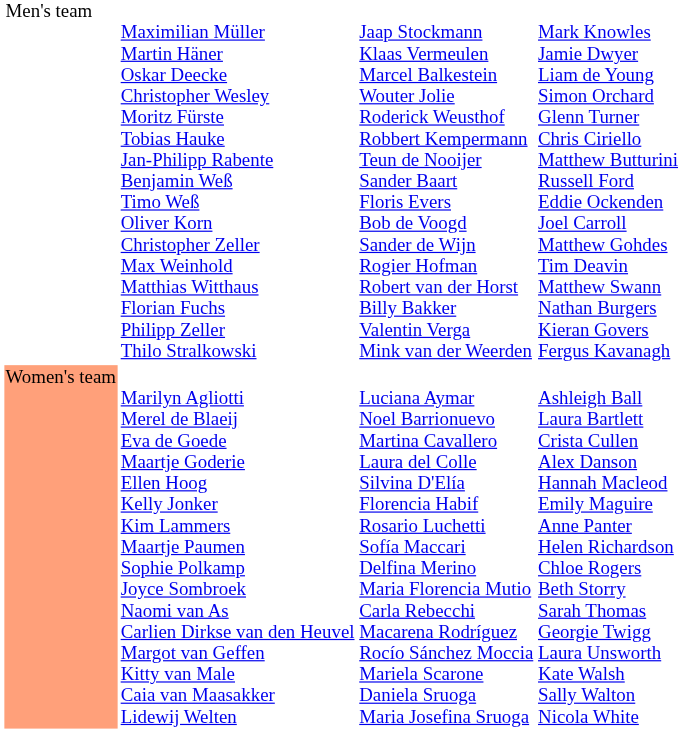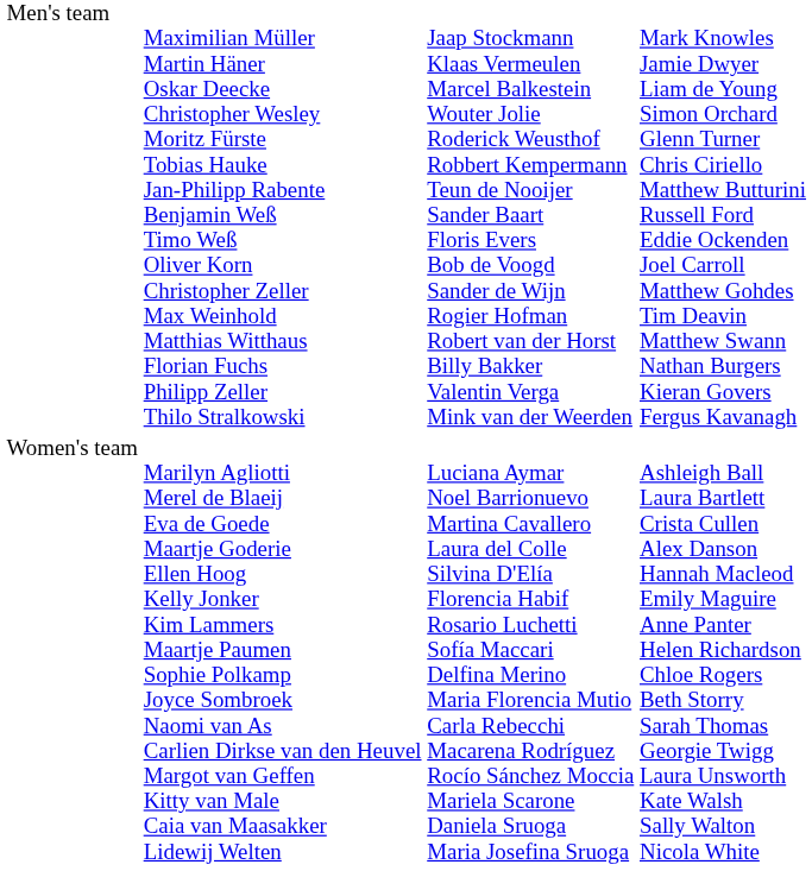 <table>
 <tr valign="top">
 <td>Men's team<br></td>
 <td><br><a href='#'>Maximilian Müller</a><br><a href='#'>Martin Häner</a><br><a href='#'>Oskar Deecke</a><br><a href='#'>Christopher Wesley</a><br><a href='#'>Moritz Fürste</a><br><a href='#'>Tobias Hauke</a><br><a href='#'>Jan-Philipp Rabente</a><br><a href='#'>Benjamin Weß</a><br><a href='#'>Timo Weß</a><br><a href='#'>Oliver Korn</a><br><a href='#'>Christopher Zeller</a><br><a href='#'>Max Weinhold</a><br><a href='#'>Matthias Witthaus</a><br><a href='#'>Florian Fuchs</a><br><a href='#'>Philipp Zeller</a><br><a href='#'>Thilo Stralkowski</a></td>
 <td><br><a href='#'>Jaap Stockmann</a><br><a href='#'>Klaas Vermeulen</a><br><a href='#'>Marcel Balkestein</a><br><a href='#'>Wouter Jolie</a><br><a href='#'>Roderick Weusthof</a><br><a href='#'>Robbert Kempermann</a><br><a href='#'>Teun de Nooijer</a><br><a href='#'>Sander Baart</a><br><a href='#'>Floris Evers</a><br><a href='#'>Bob de Voogd</a><br><a href='#'>Sander de Wijn</a><br><a href='#'>Rogier Hofman</a><br><a href='#'>Robert van der Horst</a><br><a href='#'>Billy Bakker</a><br><a href='#'>Valentin Verga</a><br><a href='#'>Mink van der Weerden</a></td>
 <td><br><a href='#'>Mark Knowles</a><br><a href='#'>Jamie Dwyer</a><br><a href='#'>Liam de Young</a><br><a href='#'>Simon Orchard</a><br><a href='#'>Glenn Turner</a><br><a href='#'>Chris Ciriello</a><br><a href='#'>Matthew Butturini</a><br><a href='#'>Russell Ford</a><br><a href='#'>Eddie Ockenden</a><br><a href='#'>Joel Carroll</a><br><a href='#'>Matthew Gohdes</a><br><a href='#'>Tim Deavin</a><br><a href='#'>Matthew Swann</a><br><a href='#'>Nathan Burgers</a><br><a href='#'>Kieran Govers</a><br><a href='#'>Fergus Kavanagh</a></td>
 </tr>
 <tr valign="top">
-<td style="background: lightsalmon;">Women's team<br></td>
+<td>Women's team<br></td>
 <td><br><a href='#'>Marilyn Agliotti</a><br><a href='#'>Merel de Blaeij</a><br><a href='#'>Eva de Goede</a><br><a href='#'>Maartje Goderie</a><br><a href='#'>Ellen Hoog</a><br><a href='#'>Kelly Jonker</a><br><a href='#'>Kim Lammers</a><br><a href='#'>Maartje Paumen</a><br><a href='#'>Sophie Polkamp</a><br><a href='#'>Joyce Sombroek</a><br><a href='#'>Naomi van As</a><br><a href='#'>Carlien Dirkse van den Heuvel</a><br><a href='#'>Margot van Geffen</a><br><a href='#'>Kitty van Male</a><br><a href='#'>Caia van Maasakker</a><br><a href='#'>Lidewij Welten</a></td>
 <td><br><a href='#'>Luciana Aymar</a><br><a href='#'>Noel Barrionuevo</a><br><a href='#'>Martina Cavallero</a><br><a href='#'>Laura del Colle</a><br><a href='#'>Silvina D'Elía</a><br><a href='#'>Florencia Habif</a><br><a href='#'>Rosario Luchetti</a><br><a href='#'>Sofía Maccari</a><br><a href='#'>Delfina Merino</a><br><a href='#'>Maria Florencia Mutio</a><br><a href='#'>Carla Rebecchi</a><br><a href='#'>Macarena Rodríguez</a><br><a href='#'>Rocío Sánchez Moccia</a><br><a href='#'>Mariela Scarone</a><br><a href='#'>Daniela Sruoga</a><br><a href='#'>Maria Josefina Sruoga</a></td>
 <td><br><a href='#'>Ashleigh Ball</a><br><a href='#'>Laura Bartlett</a><br><a href='#'>Crista Cullen</a><br><a href='#'>Alex Danson</a><br><a href='#'>Hannah Macleod</a><br><a href='#'>Emily Maguire</a><br><a href='#'>Anne Panter</a><br><a href='#'>Helen Richardson</a><br><a href='#'>Chloe Rogers</a><br><a href='#'>Beth Storry</a><br><a href='#'>Sarah Thomas</a><br><a href='#'>Georgie Twigg</a><br><a href='#'>Laura Unsworth</a><br><a href='#'>Kate Walsh</a><br><a href='#'>Sally Walton</a><br><a href='#'>Nicola White</a></td>
 </tr>
 </table>
